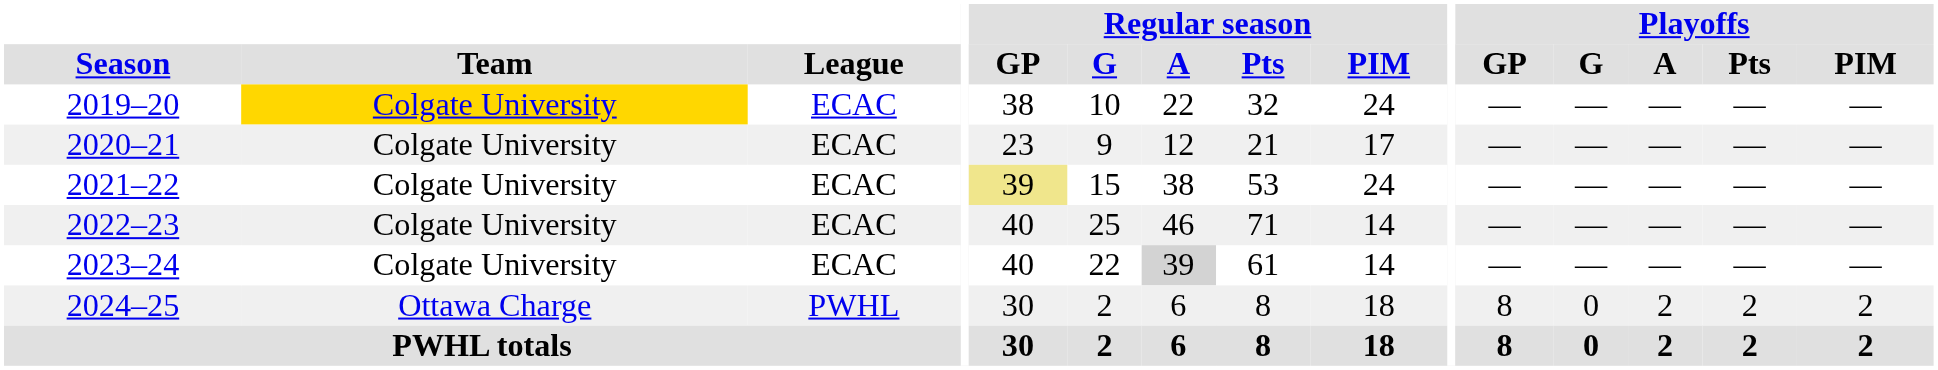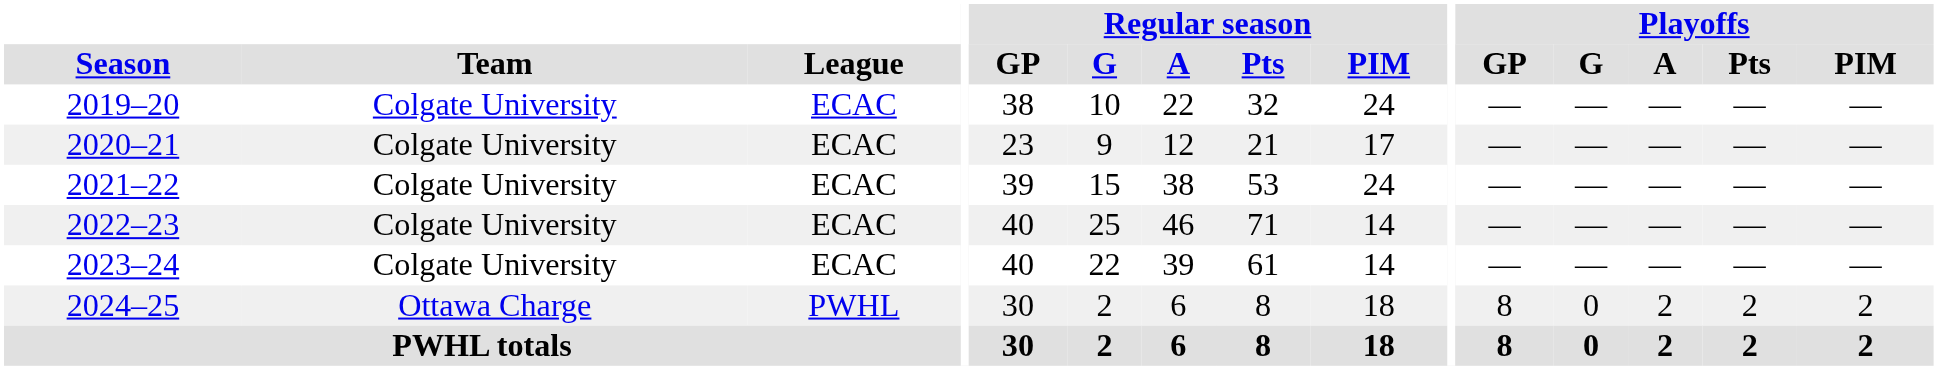 <table border="0" cellpadding="1" cellspacing="0" style="text-align:center; width:60em">
 <tr bgcolor="#e0e0e0">
 <th colspan="3" bgcolor="#ffffff"></th>
 <th rowspan="97" bgcolor="#ffffff"></th>
 <th colspan="5"><a href='#'>Regular season</a></th>
 <th rowspan="97" bgcolor="#ffffff"></th>
 <th colspan="5"><a href='#'>Playoffs</a></th>
 </tr>
 <tr bgcolor="#e0e0e0">
 <th><a href='#'>Season</a></th>
 <th>Team</th>
 <th>League</th>
 <th>GP</th>
 <th><a href='#'>G</a></th>
 <th><a href='#'>A</a></th>
 <th><a href='#'>Pts</a></th>
 <th><a href='#'>PIM</a></th>
 <th>GP</th>
 <th>G</th>
 <th>A</th>
 <th>Pts</th>
 <th>PIM</th>
 </tr>
 <tr>
 <td><a href='#'>2019–20</a></td>
-<td style="background: gold;"><a href='#'>Colgate University</a></td>
+<td><a href='#'>Colgate University</a></td>
 <td><a href='#'>ECAC</a></td>
 <td>38</td>
 <td>10</td>
 <td>22</td>
 <td>32</td>
 <td>24</td>
 <td>—</td>
 <td>—</td>
 <td>—</td>
 <td>—</td>
 <td>—</td>
 </tr>
 <tr bgcolor="#f0f0f0">
 <td><a href='#'>2020–21</a></td>
 <td>Colgate University</td>
 <td>ECAC</td>
 <td>23</td>
 <td>9</td>
 <td>12</td>
 <td>21</td>
 <td>17</td>
 <td>—</td>
 <td>—</td>
 <td>—</td>
 <td>—</td>
 <td>—</td>
 </tr>
 <tr>
 <td><a href='#'>2021–22</a></td>
 <td>Colgate University</td>
 <td>ECAC</td>
-<td style="background: khaki;">39</td>
+<td>39</td>
 <td>15</td>
 <td>38</td>
 <td>53</td>
 <td>24</td>
 <td>—</td>
 <td>—</td>
 <td>—</td>
 <td>—</td>
 <td>—</td>
 </tr>
 <tr bgcolor="#f0f0f0">
 <td><a href='#'>2022–23</a></td>
 <td>Colgate University</td>
 <td>ECAC</td>
 <td>40</td>
 <td>25</td>
 <td>46</td>
 <td>71</td>
 <td>14</td>
 <td>—</td>
 <td>—</td>
 <td>—</td>
 <td>—</td>
 <td>—</td>
 </tr>
 <tr>
 <td><a href='#'>2023–24</a></td>
 <td>Colgate University</td>
 <td>ECAC</td>
 <td>40</td>
 <td>22</td>
-<td style="background: lightgrey;">39</td>
+<td>39</td>
 <td>61</td>
 <td>14</td>
 <td>—</td>
 <td>—</td>
 <td>—</td>
 <td>—</td>
 <td>—</td>
 </tr>
 <tr bgcolor="#f0f0f0">
 <td><a href='#'>2024–25</a></td>
 <td><a href='#'>Ottawa Charge</a></td>
 <td><a href='#'>PWHL</a></td>
 <td>30</td>
 <td>2</td>
 <td>6</td>
 <td>8</td>
 <td>18</td>
 <td>8</td>
 <td>0</td>
 <td>2</td>
 <td>2</td>
 <td>2</td>
 </tr>
 <tr bgcolor="#e0e0e0">
 <th colspan="3">PWHL totals</th>
 <th>30</th>
 <th>2</th>
 <th>6</th>
 <th>8</th>
 <th>18</th>
 <th>8</th>
 <th>0</th>
 <th>2</th>
 <th>2</th>
 <th>2</th>
 </tr>
 </table>
